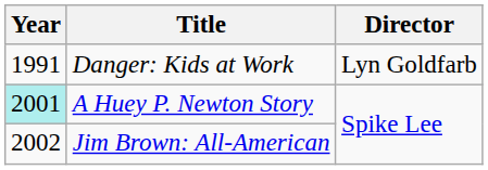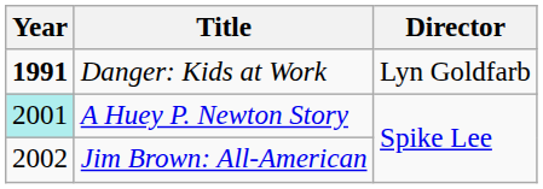 <table class="wikitable">
 <tr>
 <th>Year</th>
 <th>Title</th>
 <th>Director</th>
 </tr>
 <tr>
-<td>1991</td>
+<td><strong>1991</strong></td>
 <td><em>Danger: Kids at Work</em></td>
 <td>Lyn Goldfarb</td>
 </tr>
 <tr>
 <td style="background: paleturquoise;">2001</td>
 <td><em><a href='#'>A Huey P. Newton Story</a></em></td>
 <td rowspan=2><a href='#'>Spike Lee</a></td>
 </tr>
 <tr>
 <td>2002</td>
 <td><em><a href='#'>Jim Brown: All-American</a></em></td>
 </tr>
 </table>
